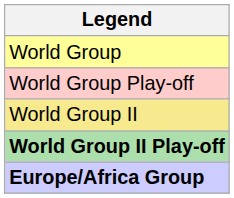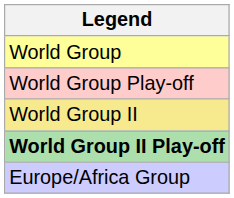 <table class=wikitable>
 <tr>
 <th>Legend</th>
 </tr>
 <tr>
 <td bgcolor=ffff99>World Group</td>
 </tr>
 <tr>
 <td bgcolor=ffcccc>World Group Play-off</td>
 </tr>
 <tr>
 <td bgcolor=#F7E98E>World Group II</td>
 </tr>
 <tr>
 <td bgcolor=#ADDFAD><strong>World Group II Play-off</strong></td>
 </tr>
 <tr>
-<td bgcolor=CCCCFF><strong>Europe/Africa Group</strong></td>
+<td bgcolor=CCCCFF>Europe/Africa Group</td>
 </tr>
 </table>
